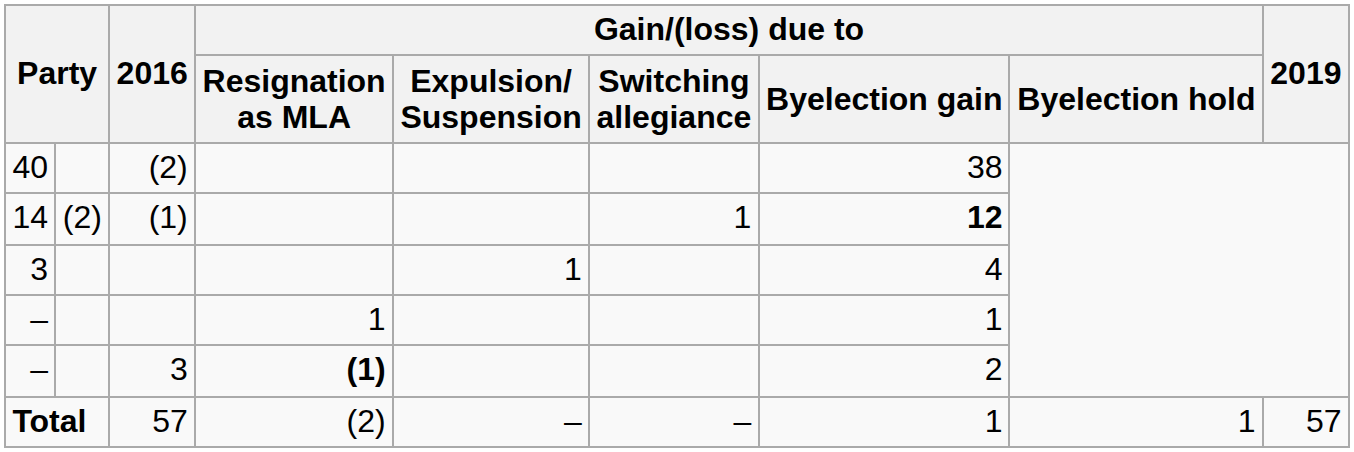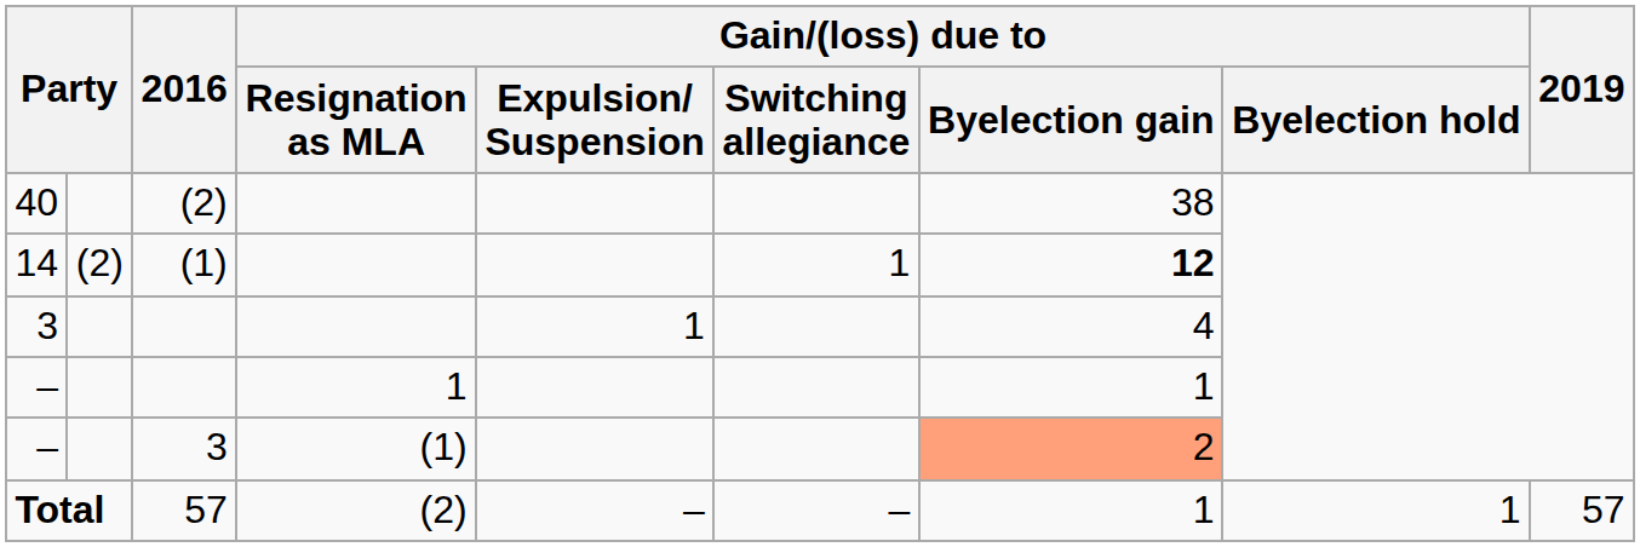 <table class="wikitable" style="text-align:right">
 <tr>
 <th rowspan="2" colspan="2">Party</th>
 <th rowspan="2">2016</th>
 <th colspan="5">Gain/(loss) due to</th>
 <th rowspan="2">2019</th>
 </tr>
 <tr>
 <th>Resignation<br>as MLA</th>
 <th>Expulsion/<br>Suspension</th>
 <th>Switching<br>allegiance</th>
 <th>Byelection gain</th>
 <th>Byelection hold</th>
 </tr>
 <tr>
 <td>40</td>
 <td></td>
 <td>(2)</td>
 <td></td>
 <td></td>
 <td></td>
 <td>38</td>
 </tr>
 <tr>
 <td>14</td>
 <td>(2)</td>
 <td>(1)</td>
 <td></td>
 <td></td>
 <td>1</td>
 <td><strong>12</strong></td>
 </tr>
 <tr>
 <td>3</td>
 <td></td>
 <td></td>
 <td></td>
 <td>1</td>
 <td></td>
 <td>4</td>
 </tr>
 <tr>
 <td>–</td>
 <td></td>
 <td></td>
 <td>1</td>
 <td></td>
 <td></td>
 <td>1</td>
 </tr>
 <tr>
 <td>–</td>
 <td></td>
 <td>3</td>
-<td><strong>(1)</strong></td>
+<td>(1)</td>
 <td></td>
 <td></td>
-<td>2</td>
+<td style="background: lightsalmon;">2</td>
 </tr>
 <tr>
 <td colspan="2" style="text-align:left;"><strong>Total</strong></td>
 <td>57</td>
 <td>(2)</td>
 <td>–</td>
 <td>–</td>
 <td>1</td>
 <td>1</td>
 <td>57</td>
 </tr>
 </table>
